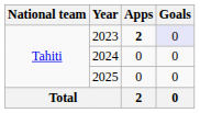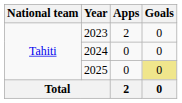 <table class="wikitable" style="text-align:center">
 <tr>
 <th>National team</th>
 <th>Year</th>
 <th>Apps</th>
 <th>Goals</th>
 </tr>
 <tr>
 <td rowspan="3"><a href='#'>Tahiti</a></td>
 <td>2023</td>
-<td><strong>2</strong></td>
-<td style="background: lavender;">0</td>
+<td>2</td>
+<td>0</td>
 </tr>
 <tr>
 <td>2024</td>
 <td>0</td>
 <td>0</td>
 </tr>
 <tr>
 <td>2025</td>
 <td>0</td>
-<td>0</td>
+<td style="background: khaki;">0</td>
 </tr>
 <tr>
 <th colspan=2>Total</th>
 <th>2</th>
 <th>0</th>
 </tr>
 </table>
